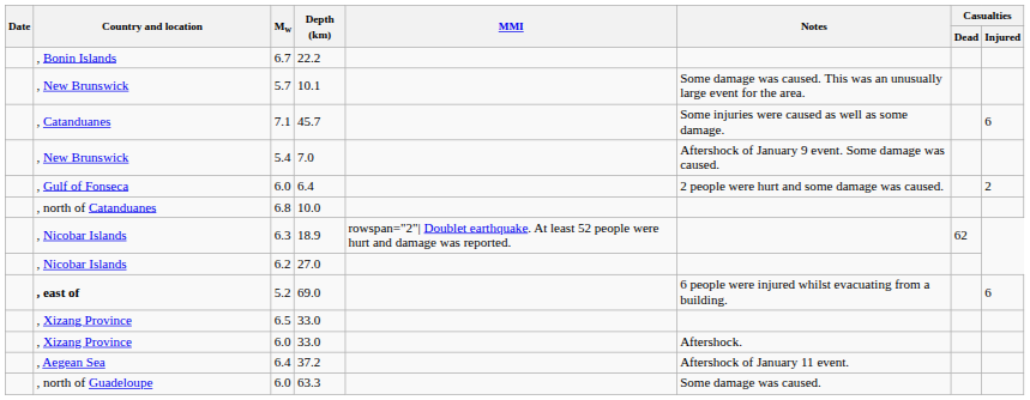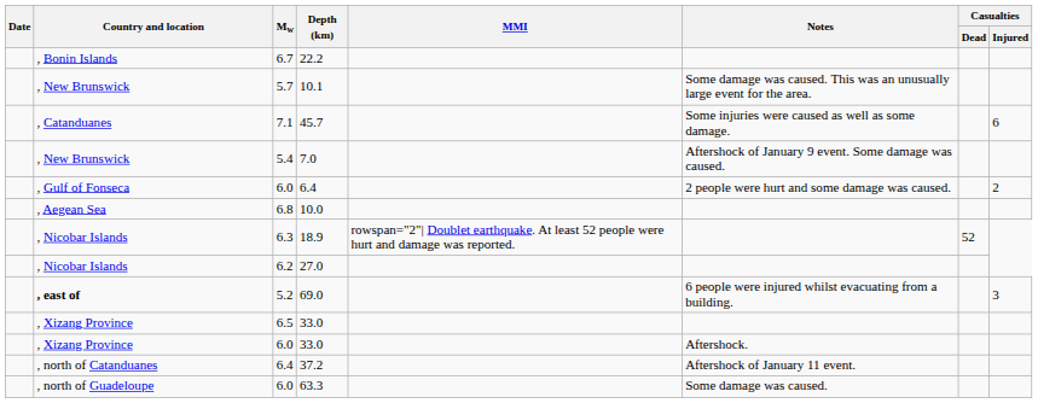 <table class="wikitable sortable sort-under" style="border:1px black;  margin-left:1em;">
 <tr>
 <th rowspan="2"><small>Date</small></th>
 <th rowspan="2" style="width: 280px"><small>Country and location</small></th>
 <th rowspan="2"><small>M<sub>w</sub></small></th>
 <th rowspan="2"><small>Depth (km)</small></th>
 <th rowspan="2"><small><a href='#'>MMI</a></small></th>
 <th rowspan="2" class="unsortable"><small>Notes</small></th>
 <th colspan="2"><small>Casualties</small></th>
 </tr>
 <tr>
 <th><small>Dead</small></th>
 <th><small>Injured</small></th>
 </tr>
 <tr>
 <td></td>
 <td>, <a href='#'>Bonin Islands</a></td>
 <td>6.7</td>
 <td>22.2</td>
 <td></td>
 <td></td>
 <td></td>
 <td></td>
 </tr>
 <tr>
 <td></td>
 <td>, <a href='#'>New Brunswick</a></td>
 <td>5.7</td>
 <td>10.1</td>
 <td></td>
 <td>Some damage was caused. This was an unusually large event for the area.</td>
 <td></td>
 <td></td>
 </tr>
 <tr>
 <td></td>
 <td>, <a href='#'>Catanduanes</a></td>
 <td>7.1</td>
 <td>45.7</td>
 <td></td>
 <td>Some injuries were caused as well as some damage.</td>
 <td></td>
 <td>6</td>
 </tr>
 <tr>
 <td></td>
 <td>, <a href='#'>New Brunswick</a></td>
 <td>5.4</td>
 <td>7.0</td>
 <td></td>
 <td>Aftershock of January 9 event. Some damage was caused.</td>
 <td></td>
 <td></td>
 </tr>
 <tr>
 <td></td>
 <td>, <a href='#'>Gulf of Fonseca</a></td>
 <td>6.0</td>
 <td>6.4</td>
 <td></td>
 <td>2 people were hurt and some damage was caused.</td>
 <td></td>
 <td>2</td>
 </tr>
 <tr>
 <td></td>
-<td>, north of <a href='#'>Catanduanes</a></td>
+<td>, <a href='#'>Aegean Sea</a></td>
 <td>6.8</td>
 <td>10.0</td>
 <td></td>
 <td></td>
 <td></td>
 <td></td>
 </tr>
 <tr>
 <td></td>
 <td>, <a href='#'>Nicobar Islands</a></td>
 <td>6.3</td>
 <td>18.9</td>
 <td>rowspan="2"| <a href='#'>Doublet earthquake</a>. At least 52 people were hurt and damage was reported.</td>
 <td></td>
-<td>62</td>
+<td>52</td>
 </tr>
 <tr>
 <td></td>
 <td>, <a href='#'>Nicobar Islands</a></td>
 <td>6.2</td>
 <td>27.0</td>
 <td></td>
 <td></td>
 <td></td>
 </tr>
 <tr>
 <td></td>
 <td><strong>, east of</strong></td>
 <td>5.2</td>
 <td>69.0</td>
 <td></td>
 <td>6 people were injured whilst evacuating from a building.</td>
 <td></td>
-<td>6</td>
+<td>3</td>
 </tr>
 <tr>
 <td></td>
 <td>, <a href='#'>Xizang Province</a></td>
 <td>6.5</td>
 <td>33.0</td>
 <td></td>
 <td></td>
 <td></td>
 <td></td>
 </tr>
 <tr>
 <td></td>
 <td>, <a href='#'>Xizang Province</a></td>
 <td>6.0</td>
 <td>33.0</td>
 <td></td>
 <td>Aftershock.</td>
 <td></td>
 <td></td>
 </tr>
 <tr>
 <td></td>
-<td>, <a href='#'>Aegean Sea</a></td>
+<td>, north of <a href='#'>Catanduanes</a></td>
 <td>6.4</td>
 <td>37.2</td>
 <td></td>
 <td>Aftershock of January 11 event.</td>
 <td></td>
 <td></td>
 </tr>
 <tr>
 <td></td>
 <td>, north of <a href='#'>Guadeloupe</a></td>
 <td>6.0</td>
 <td>63.3</td>
 <td></td>
 <td>Some damage was caused.</td>
 <td></td>
 <td></td>
 </tr>
 </table>
